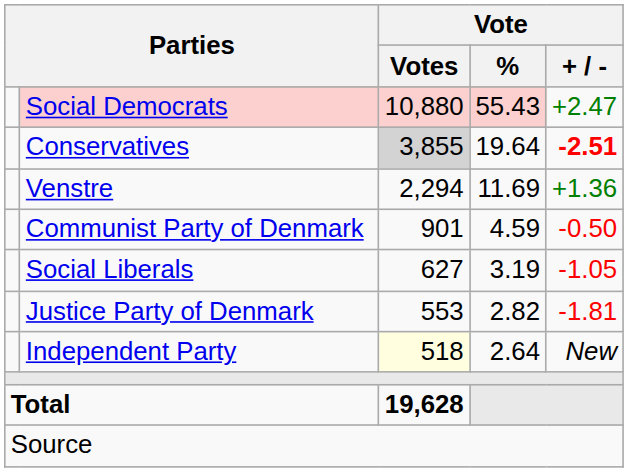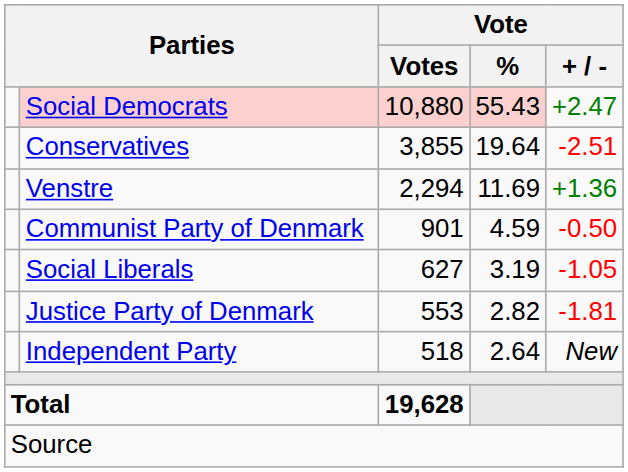 <table class="wikitable" style="text-align:right;">
 <tr>
 <th style="text-align:centre;" rowspan="2" colspan="2" width="225">Parties</th>
 <th colspan="3">Vote</th>
 </tr>
 <tr>
 <th width="15">Votes</th>
 <th width="15">%</th>
 <th width="15">+ / -</th>
 </tr>
 <tr>
 <td width="2" style="color:inherit;background:"></td>
 <td bgcolor=#fbd0ce  align="left"><a href='#'>Social Democrats</a></td>
 <td bgcolor=#fbd0ce>10,880</td>
 <td bgcolor=#fbd0ce>55.43</td>
 <td style=color:green;>+2.47</td>
 </tr>
 <tr>
 <td width="2" style="color:inherit;background:"></td>
 <td align="left"><a href='#'>Conservatives</a></td>
-<td style="background: lightgrey;">3,855</td>
+<td>3,855</td>
 <td>19.64</td>
-<td style=color:red;><strong>-2.51</strong></td>
+<td style=color:red;>-2.51</td>
 </tr>
 <tr>
 <td width="2" style="color:inherit;background:"></td>
 <td align="left"><a href='#'>Venstre</a></td>
 <td>2,294</td>
 <td>11.69</td>
 <td style=color:green;>+1.36</td>
 </tr>
 <tr>
 <td width="2" style="color:inherit;background:"></td>
 <td align="left"><a href='#'>Communist Party of Denmark</a></td>
 <td>901</td>
 <td>4.59</td>
 <td style=color:red;>-0.50</td>
 </tr>
 <tr>
 <td width="2" style="color:inherit;background:"></td>
 <td align="left"><a href='#'>Social Liberals</a></td>
 <td>627</td>
 <td>3.19</td>
 <td style=color:red;>-1.05</td>
 </tr>
 <tr>
 <td width="2" style="color:inherit;background:"></td>
 <td align="left"><a href='#'>Justice Party of Denmark</a></td>
 <td>553</td>
 <td>2.82</td>
 <td style=color:red;>-1.81</td>
 </tr>
 <tr>
 <td width="2" style="color:inherit;background:"></td>
 <td align="left"><a href='#'>Independent Party</a></td>
-<td style="background: lightyellow;">518</td>
+<td>518</td>
 <td>2.64</td>
 <td><em>New</em></td>
 </tr>
 <tr>
 <td colspan="7" bgcolor="#E9E9E9"></td>
 </tr>
 <tr>
 <td align="left" colspan="2"><strong>Total</strong></td>
 <td><strong>19,628</strong></td>
 <td bgcolor="#E9E9E9" colspan="2"></td>
 </tr>
 <tr>
 <td align="left" colspan="6">Source</td>
 </tr>
 </table>
